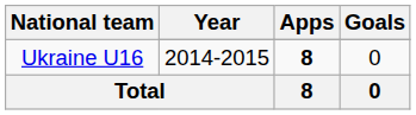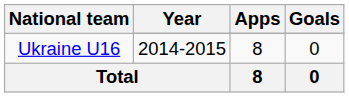 <table class=wikitable style=text-align:center>
 <tr>
 <th>National team</th>
 <th>Year</th>
 <th>Apps</th>
 <th>Goals</th>
 </tr>
 <tr>
 <td rowspan=2><a href='#'>Ukraine U16</a></td>
 </tr>
 <tr>
 <td>2014-2015</td>
-<td><strong>8</strong></td>
+<td>8</td>
 <td>0</td>
 </tr>
 <tr>
 <th colspan=2>Total</th>
 <th>8</th>
 <th>0</th>
 </tr>
 </table>
